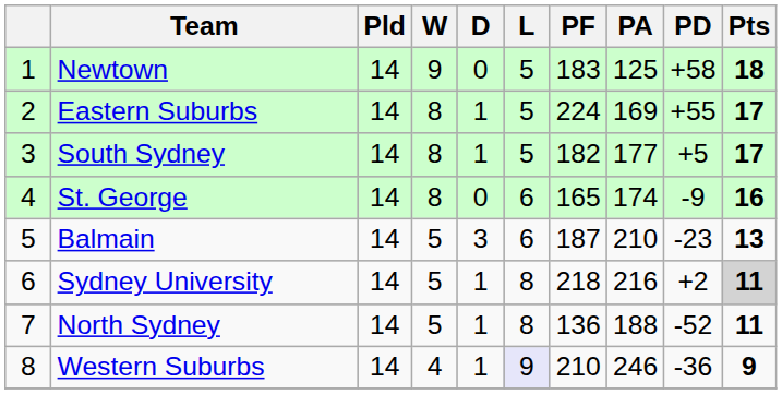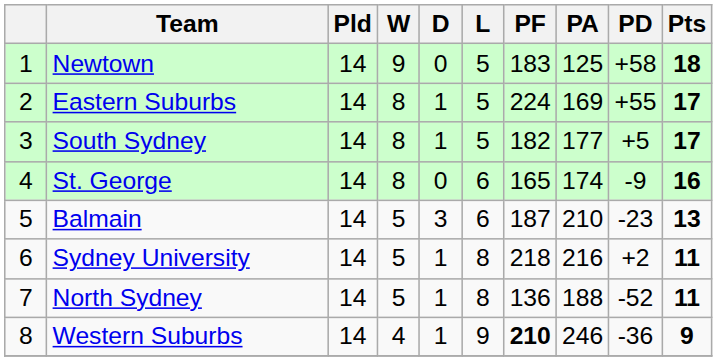 <table class="wikitable" style="text-align:center;">
 <tr>
 <th width=20 abbr="Position"></th>
 <th width=175>Team</th>
 <th width=20 abbr="Played">Pld</th>
 <th width=20 abbr="Won">W</th>
 <th width=20 abbr="Drawn">D</th>
 <th width=20 abbr="Lost">L</th>
 <th width=20 abbr="Points for">PF</th>
 <th width=20 abbr="Points against">PA</th>
 <th width=20 abbr="Points difference">PD</th>
 <th width=20 abbr="Points">Pts</th>
 </tr>
 <tr style="background: #ccffcc;">
 <td>1</td>
 <td style="text-align:left;"> <a href='#'>Newtown</a></td>
 <td>14</td>
 <td>9</td>
 <td>0</td>
 <td>5</td>
 <td>183</td>
 <td>125</td>
 <td>+58</td>
 <td><strong>18</strong></td>
 </tr>
 <tr style="background: #ccffcc;">
 <td>2</td>
 <td style="text-align:left;"> <a href='#'>Eastern Suburbs</a></td>
 <td>14</td>
 <td>8</td>
 <td>1</td>
 <td>5</td>
 <td>224</td>
 <td>169</td>
 <td>+55</td>
 <td><strong>17</strong></td>
 </tr>
 <tr style="background: #ccffcc;">
 <td>3</td>
 <td style="text-align:left;"> <a href='#'>South Sydney</a></td>
 <td>14</td>
 <td>8</td>
 <td>1</td>
 <td>5</td>
 <td>182</td>
 <td>177</td>
 <td>+5</td>
 <td><strong>17</strong></td>
 </tr>
 <tr style="background: #ccffcc;">
 <td>4</td>
 <td style="text-align:left;"> <a href='#'>St. George</a></td>
 <td>14</td>
 <td>8</td>
 <td>0</td>
 <td>6</td>
 <td>165</td>
 <td>174</td>
 <td>-9</td>
 <td><strong>16</strong></td>
 </tr>
 <tr>
 <td>5</td>
 <td style="text-align:left;"> <a href='#'>Balmain</a></td>
 <td>14</td>
 <td>5</td>
 <td>3</td>
 <td>6</td>
 <td>187</td>
 <td>210</td>
 <td>-23</td>
 <td><strong>13</strong></td>
 </tr>
 <tr>
 <td>6</td>
 <td style="text-align:left;"> <a href='#'>Sydney University</a></td>
 <td>14</td>
 <td>5</td>
 <td>1</td>
 <td>8</td>
 <td>218</td>
 <td>216</td>
 <td>+2</td>
-<td style="background: lightgrey;"><strong>11</strong></td>
+<td><strong>11</strong></td>
 </tr>
 <tr>
 <td>7</td>
 <td style="text-align:left;"> <a href='#'>North Sydney</a></td>
 <td>14</td>
 <td>5</td>
 <td>1</td>
 <td>8</td>
 <td>136</td>
 <td>188</td>
 <td>-52</td>
 <td><strong>11</strong></td>
 </tr>
 <tr>
 <td>8</td>
 <td style="text-align:left;"> <a href='#'>Western Suburbs</a></td>
 <td>14</td>
 <td>4</td>
 <td>1</td>
-<td style="background: lavender;">9</td>
-<td>210</td>
+<td>9</td>
+<td><strong>210</strong></td>
 <td>246</td>
 <td>-36</td>
 <td><strong>9</strong></td>
 </tr>
 <tr>
 </tr>
 </table>
